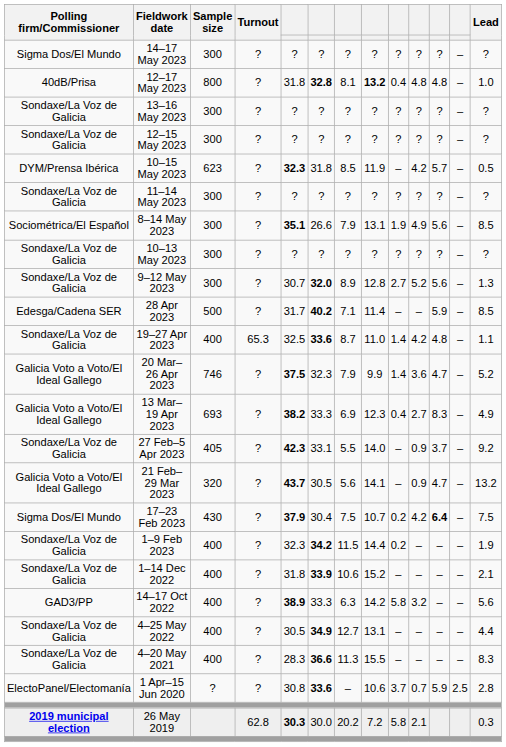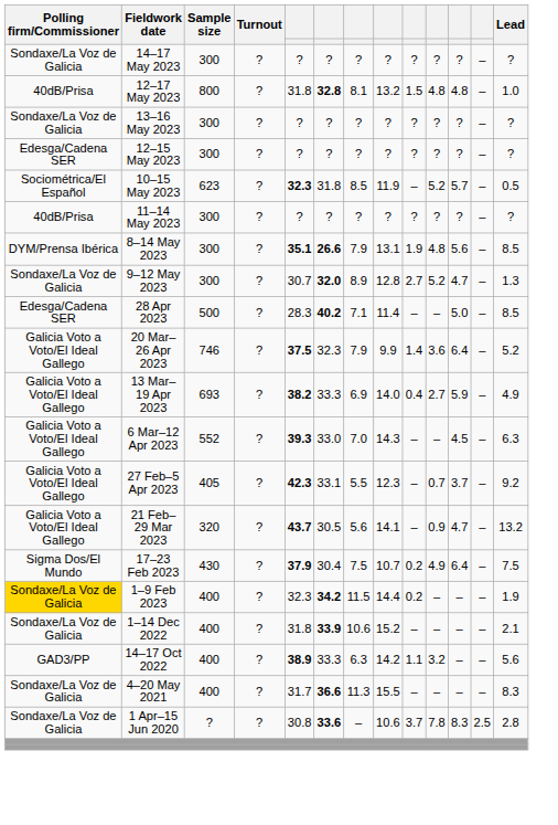 <table class="wikitable collapsible collapsed" style="text-align:center; font-size:95%; line-height:16px;">
 <tr style="height:42px;">
 <th style="width:250px;" rowspan="2">Polling firm/Commissioner</th>
 <th style="width:125px;" rowspan="2">Fieldwork date</th>
 <th style="width:50px;" rowspan="2">Sample size</th>
 <th style="width:45px;" rowspan="2">Turnout</th>
 <th style="width:35px;"></th>
 <th style="width:35px;"></th>
 <th style="width:35px;"></th>
 <th style="width:35px;"></th>
 <th style="width:35px;"></th>
 <th style="width:35px;"></th>
 <th style="width:35px;"></th>
 <th style="width:35px;"></th>
 <th style="width:30px;" rowspan="2">Lead</th>
 </tr>
 <tr>
 <th style="color:inherit;background:"></th>
 <th style="color:inherit;background:"></th>
 <th style="color:inherit;background:"></th>
 <th style="color:inherit;background:"></th>
 <th style="color:inherit;background:"></th>
 <th style="color:inherit;background:"></th>
 <th style="color:inherit;background:"></th>
 <th style="color:inherit;background:"></th>
 </tr>
 <tr>
-<td>Sigma Dos/El Mundo</td>
+<td>Sondaxe/La Voz de Galicia</td>
 <td>14–17 May 2023</td>
 <td>300</td>
 <td>?</td>
 <td>?<br></td>
 <td>?<br></td>
 <td>?<br></td>
 <td>?<br></td>
 <td>?<br></td>
 <td>?<br></td>
 <td>?<br></td>
 <td>–</td>
 <td style="background:">?</td>
 </tr>
 <tr>
 <td>40dB/Prisa</td>
 <td>12–17 May 2023</td>
 <td>800</td>
 <td>?</td>
 <td>31.8<br></td>
 <td><strong>32.8</strong><br></td>
 <td>8.1<br></td>
-<td><strong>13.2<br></strong></td>
-<td>0.4<br></td>
+<td>13.2<br></td>
+<td>1.5<br></td>
 <td>4.8<br></td>
 <td>4.8<br></td>
 <td>–</td>
 <td style="background:">1.0</td>
 </tr>
 <tr>
 <td>Sondaxe/La Voz de Galicia</td>
 <td>13–16 May 2023</td>
 <td>300</td>
 <td>?</td>
 <td>?<br></td>
 <td>?<br></td>
 <td>?<br></td>
 <td>?<br></td>
 <td>?<br></td>
 <td>?<br></td>
 <td>?<br></td>
 <td>–</td>
 <td style="background:">?</td>
 </tr>
 <tr>
-<td>Sondaxe/La Voz de Galicia</td>
+<td>Edesga/Cadena SER</td>
 <td>12–15 May 2023</td>
 <td>300</td>
 <td>?</td>
 <td>?<br></td>
 <td>?<br></td>
 <td>?<br></td>
 <td>?<br></td>
 <td>?<br></td>
 <td>?<br></td>
 <td>?<br></td>
 <td>–</td>
 <td style="background:">?</td>
 </tr>
 <tr>
-<td>DYM/Prensa Ibérica</td>
+<td>Sociométrica/El Español</td>
 <td>10–15 May 2023</td>
 <td>623</td>
 <td>?</td>
 <td><strong>32.3</strong><br></td>
 <td>31.8<br></td>
 <td>8.5<br></td>
 <td>11.9<br></td>
 <td>–</td>
-<td>4.2<br></td>
+<td>5.2<br></td>
 <td>5.7<br></td>
 <td>–</td>
 <td style="background:">0.5</td>
 </tr>
 <tr>
-<td>Sondaxe/La Voz de Galicia</td>
+<td>40dB/Prisa</td>
 <td>11–14 May 2023</td>
 <td>300</td>
 <td>?</td>
 <td>?<br></td>
 <td>?<br></td>
 <td>?<br></td>
 <td>?<br></td>
 <td>?<br></td>
 <td>?<br></td>
 <td>?<br></td>
 <td>–</td>
 <td style="background:">?</td>
 </tr>
 <tr>
-<td>Sociométrica/El Español</td>
+<td>DYM/Prensa Ibérica</td>
 <td>8–14 May 2023</td>
 <td>300</td>
 <td>?</td>
 <td><strong>35.1</strong><br></td>
-<td>26.6<br></td>
+<td><strong>26.6<br></strong></td>
 <td>7.9<br></td>
 <td>13.1<br></td>
 <td>1.9<br></td>
-<td>4.9<br></td>
+<td>4.8<br></td>
 <td>5.6<br></td>
 <td>–</td>
 <td style="background:">8.5</td>
-</tr>
-<tr>
-<td>Sondaxe/La Voz de Galicia</td>
-<td>10–13 May 2023</td>
-<td>300</td>
-<td>?</td>
-<td>?<br></td>
-<td>?<br></td>
-<td>?<br></td>
-<td>?<br></td>
-<td>?<br></td>
-<td>?<br></td>
-<td>?<br></td>
-<td>–</td>
-<td style="background:">?</td>
 </tr>
 <tr>
 <td>Sondaxe/La Voz de Galicia</td>
 <td>9–12 May 2023</td>
 <td>300</td>
 <td>?</td>
 <td>30.7<br></td>
 <td><strong>32.0</strong><br></td>
 <td>8.9<br></td>
 <td>12.8<br></td>
 <td>2.7<br></td>
 <td>5.2<br></td>
-<td>5.6<br></td>
+<td>4.7<br></td>
 <td>–</td>
 <td style="background:">1.3</td>
 </tr>
 <tr>
 <td>Edesga/Cadena SER</td>
 <td>28 Apr 2023</td>
 <td>500</td>
 <td>?</td>
-<td>31.7<br></td>
+<td>28.3<br></td>
 <td><strong>40.2</strong><br></td>
 <td>7.1<br></td>
 <td>11.4<br></td>
 <td>–</td>
 <td>–</td>
-<td>5.9<br></td>
+<td>5.0<br></td>
 <td>–</td>
 <td style="background:">8.5</td>
-</tr>
-<tr>
-<td>Sondaxe/La Voz de Galicia</td>
-<td>19–27 Apr 2023</td>
-<td>400</td>
-<td>65.3</td>
-<td>32.5<br></td>
-<td><strong>33.6</strong><br></td>
-<td>8.7<br></td>
-<td>11.0<br></td>
-<td>1.4<br></td>
-<td>4.2<br></td>
-<td>4.8<br></td>
-<td>–</td>
-<td style="background:">1.1</td>
 </tr>
 <tr>
 <td>Galicia Voto a Voto/El Ideal Gallego</td>
 <td>20 Mar–26 Apr 2023</td>
 <td>746</td>
 <td>?</td>
 <td><strong>37.5</strong><br></td>
 <td>32.3<br></td>
 <td>7.9<br></td>
 <td>9.9<br></td>
 <td>1.4<br></td>
 <td>3.6<br></td>
-<td>4.7<br></td>
+<td>6.4<br></td>
 <td>–</td>
 <td style="background:">5.2</td>
 </tr>
 <tr>
 <td>Galicia Voto a Voto/El Ideal Gallego</td>
 <td>13 Mar–19 Apr 2023</td>
 <td>693</td>
 <td>?</td>
 <td><strong>38.2</strong><br></td>
 <td>33.3<br></td>
 <td>6.9<br></td>
-<td>12.3<br></td>
+<td>14.0<br></td>
 <td>0.4<br></td>
 <td>2.7<br></td>
-<td>8.3<br></td>
+<td>5.9<br></td>
 <td>–</td>
 <td style="background:">4.9</td>
 </tr>
 <tr>
-<td>Sondaxe/La Voz de Galicia</td>
+<td>Galicia Voto a Voto/El Ideal Gallego</td>
+<td>6 Mar–12 Apr 2023</td>
+<td>552</td>
+<td>?</td>
+<td><strong>39.3</strong><br></td>
+<td>33.0<br></td>
+<td>7.0<br></td>
+<td>14.3<br></td>
+<td>–</td>
+<td>–</td>
+<td>4.5<br></td>
+<td>–</td>
+<td style="background:">6.3</td>
+</tr>
+<tr>
+<td>Galicia Voto a Voto/El Ideal Gallego</td>
 <td>27 Feb–5 Apr 2023</td>
 <td>405</td>
 <td>?</td>
 <td><strong>42.3</strong><br></td>
 <td>33.1<br></td>
 <td>5.5<br></td>
-<td>14.0<br></td>
+<td>12.3<br></td>
 <td>–</td>
-<td>0.9<br></td>
+<td>0.7<br></td>
 <td>3.7<br></td>
 <td>–</td>
 <td style="background:">9.2</td>
 </tr>
 <tr>
 <td>Galicia Voto a Voto/El Ideal Gallego</td>
 <td>21 Feb–29 Mar 2023</td>
 <td>320</td>
 <td>?</td>
 <td><strong>43.7</strong><br></td>
 <td>30.5<br></td>
 <td>5.6<br></td>
 <td>14.1<br></td>
 <td>–</td>
 <td>0.9<br></td>
 <td>4.7<br></td>
 <td>–</td>
 <td style="background:">13.2</td>
 </tr>
 <tr>
 <td>Sigma Dos/El Mundo</td>
 <td>17–23 Feb 2023</td>
 <td>430</td>
 <td>?</td>
 <td><strong>37.9</strong><br></td>
 <td>30.4<br></td>
 <td>7.5<br></td>
 <td>10.7<br></td>
 <td>0.2<br></td>
-<td>4.2<br></td>
-<td><strong>6.4<br></strong></td>
+<td>4.9<br></td>
+<td>6.4<br></td>
 <td>–</td>
 <td style="background:">7.5</td>
 </tr>
 <tr>
-<td>Sondaxe/La Voz de Galicia</td>
+<td style="background: gold;">Sondaxe/La Voz de Galicia</td>
 <td>1–9 Feb 2023</td>
 <td>400</td>
 <td>?</td>
 <td>32.3<br></td>
 <td><strong>34.2</strong><br></td>
 <td>11.5<br></td>
 <td>14.4<br></td>
 <td>0.2<br></td>
 <td>–</td>
 <td>–</td>
 <td>–</td>
 <td style="background:">1.9</td>
 </tr>
 <tr>
 <td>Sondaxe/La Voz de Galicia</td>
 <td>1–14 Dec 2022</td>
 <td>400</td>
 <td>?</td>
 <td>31.8<br></td>
 <td><strong>33.9</strong><br></td>
 <td>10.6<br></td>
 <td>15.2<br></td>
 <td>–</td>
 <td>–</td>
 <td>–</td>
 <td>–</td>
 <td style="background:">2.1</td>
 </tr>
 <tr>
 <td>GAD3/PP</td>
 <td>14–17 Oct 2022</td>
 <td>400</td>
 <td>?</td>
 <td><strong>38.9</strong><br></td>
 <td>33.3<br></td>
 <td>6.3<br></td>
 <td>14.2<br></td>
-<td>5.8<br></td>
+<td>1.1<br></td>
 <td>3.2<br></td>
 <td>–</td>
 <td>–</td>
 <td style="background:">5.6</td>
 </tr>
 <tr>
 <td>Sondaxe/La Voz de Galicia</td>
-<td>4–25 May 2022</td>
-<td>400</td>
-<td>?</td>
-<td>30.5<br></td>
-<td><strong>34.9</strong><br></td>
-<td>12.7<br></td>
-<td>13.1<br></td>
-<td>–</td>
-<td>–</td>
-<td>–</td>
-<td>–</td>
-<td style="background:">4.4</td>
-</tr>
-<tr>
-<td>Sondaxe/La Voz de Galicia</td>
 <td>4–20 May 2021</td>
 <td>400</td>
 <td>?</td>
-<td>28.3<br></td>
+<td>31.7<br></td>
 <td><strong>36.6</strong><br></td>
 <td>11.3<br></td>
 <td>15.5<br></td>
 <td>–</td>
 <td>–</td>
 <td>–</td>
 <td>–</td>
 <td style="background:">8.3</td>
 </tr>
 <tr>
-<td>ElectoPanel/Electomanía</td>
+<td>Sondaxe/La Voz de Galicia</td>
 <td>1 Apr–15 Jun 2020</td>
 <td>?</td>
 <td>?</td>
 <td>30.8<br></td>
 <td><strong>33.6</strong><br></td>
 <td>–</td>
 <td>10.6<br></td>
 <td>3.7<br></td>
-<td>0.7<br></td>
-<td>5.9<br></td>
+<td>7.8<br></td>
+<td>8.3<br></td>
 <td>2.5<br></td>
 <td style="background:">2.8</td>
 </tr>
 <tr>
 <td colspan="13" style="background:#A0A0A0"></td>
 </tr>
-<tr style="background:#EFEFEF;">
-<td><strong><a href='#'>2019 municipal election</a></strong></td>
-<td>26 May 2019</td>
-<td></td>
-<td>62.8</td>
-<td><strong>30.3</strong><br></td>
-<td>30.0<br></td>
-<td>20.2<br></td>
-<td>7.2<br></td>
-<td>5.8<br></td>
-<td>2.1<br></td>
-<td></td>
-<td></td>
-<td style="background:">0.3</td>
-</tr>
 <tr>
 <td colspan="13" style="background:#A0A0A0"></td>
 </tr>
 </table>
